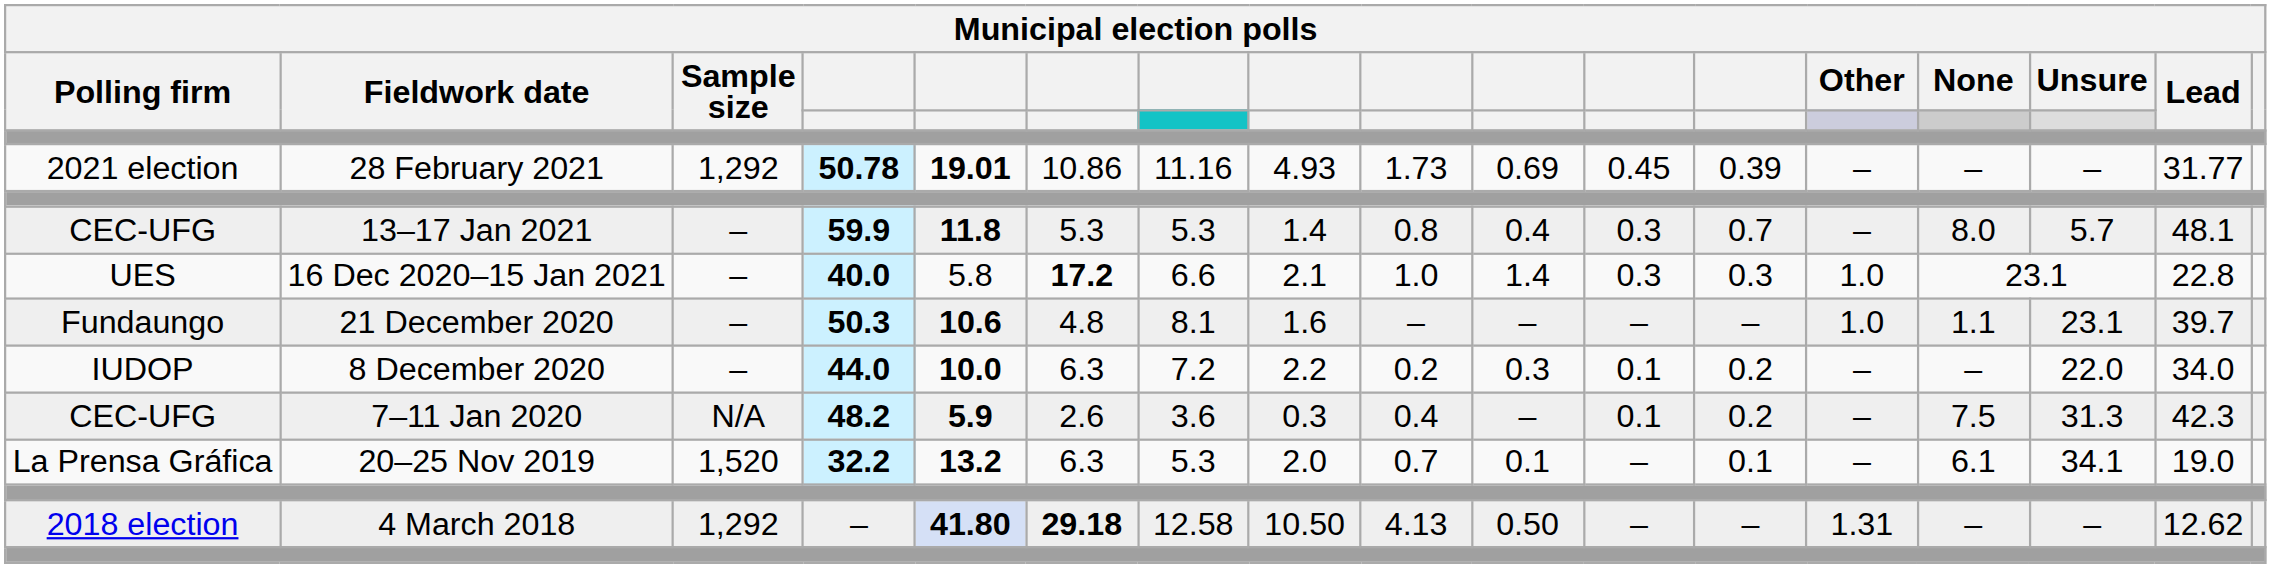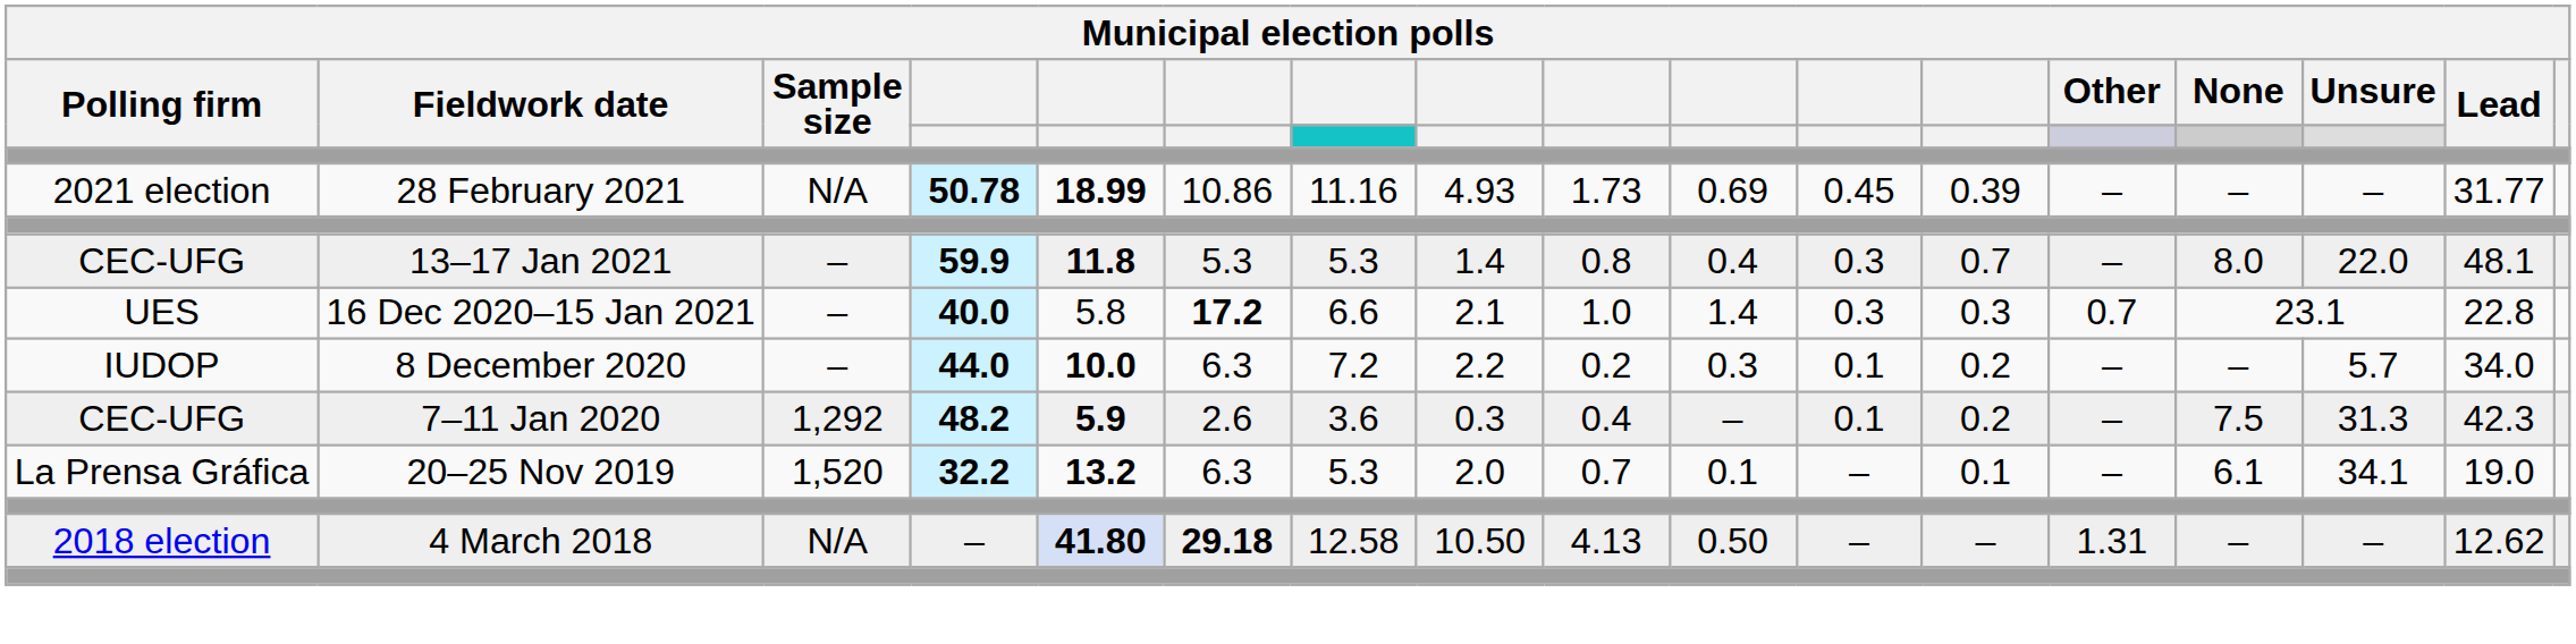 <table class="wikitable" style="text-align:center;font-size:90%;line-height:14px">
 <tr>
 <th colspan="17">Municipal election polls</th>
 </tr>
 <tr>
 <th rowspan="2">Polling firm</th>
 <th rowspan="2">Fieldwork date</th>
 <th rowspan="2">Sample<br>size</th>
 <th style="width:43px;"></th>
 <th style="width:43px;"></th>
 <th style="width:43px;"></th>
 <th style="width:43px;"></th>
 <th style="width:43px;"></th>
 <th style="width:43px;"></th>
 <th style="width:43px;"></th>
 <th style="width:43px;"></th>
 <th style="width:43px;"></th>
 <th style="width:43px;">Other</th>
 <th style="width:43px;">None</th>
 <th style="width:43px;">Unsure</th>
 <th style="width:30px;" rowspan="2">Lead</th>
 <th rowspan="2"></th>
 </tr>
 <tr>
 <th style="background:"></th>
 <th style="background:"></th>
 <th style="background:"></th>
 <th style="background:#13C3C6;"></th>
 <th style="background:"></th>
 <th style="background:"></th>
 <th style="background:"></th>
 <th style="background:"></th>
 <th style="background:"></th>
 <th style="background:#CCCDDD;"></th>
 <th style="background:#CCCCCC;"></th>
 <th style="background:#DDDDDD;"></th>
 </tr>
 <tr>
 <td colspan="17" style="background:#A0A0A0"></td>
 </tr>
 <tr>
 <td>2021 election</td>
 <td>28 February 2021</td>
-<td>1,292</td>
+<td>N/A</td>
 <td style="background:#CCF1FF;"><strong>50.78</strong><br></td>
-<td><strong>19.01</strong><br></td>
+<td><strong>18.99</strong><br></td>
 <td>10.86<br></td>
 <td>11.16<br></td>
 <td>4.93<br></td>
 <td>1.73<br></td>
 <td>0.69<br></td>
 <td>0.45<br></td>
 <td>0.39<br></td>
 <td>–</td>
 <td>–</td>
 <td>–</td>
 <td style="background:">31.77</td>
 <td></td>
 </tr>
 <tr>
 <td colspan="17" style="background:#A0A0A0"></td>
 </tr>
 <tr style="background:#EFEFEF;">
 <td>CEC-UFG</td>
 <td>13–17 Jan 2021</td>
 <td>–</td>
 <td style="background:#CCF1FF;"><strong>59.9</strong></td>
 <td><strong>11.8</strong></td>
 <td>5.3</td>
 <td>5.3</td>
 <td>1.4</td>
 <td>0.8</td>
 <td>0.4</td>
 <td>0.3</td>
 <td>0.7</td>
 <td>–</td>
 <td>8.0</td>
-<td>5.7</td>
+<td>22.0</td>
 <td style="background:">48.1</td>
 <td></td>
 </tr>
 <tr>
 <td>UES</td>
 <td>16 Dec 2020–15 Jan 2021</td>
 <td>–</td>
 <td style="background:#CCF1FF;"><strong>40.0</strong></td>
 <td>5.8</td>
 <td><strong>17.2</strong></td>
 <td>6.6</td>
 <td>2.1</td>
 <td>1.0</td>
 <td>1.4</td>
 <td>0.3</td>
 <td>0.3</td>
-<td>1.0</td>
+<td>0.7</td>
 <td colspan="2">23.1</td>
 <td style="background:">22.8</td>
-<td></td>
-</tr>
-<tr style="background:#EFEFEF;">
-<td>Fundaungo</td>
-<td>21 December 2020</td>
-<td>–</td>
-<td style="background:#CCF1FF;"><strong>50.3</strong></td>
-<td><strong>10.6</strong></td>
-<td>4.8</td>
-<td>8.1</td>
-<td>1.6</td>
-<td>–</td>
-<td>–</td>
-<td>–</td>
-<td>–</td>
-<td>1.0</td>
-<td>1.1</td>
-<td>23.1</td>
-<td style="background:">39.7</td>
 <td></td>
 </tr>
 <tr>
 <td>IUDOP</td>
 <td>8 December 2020</td>
 <td>–</td>
 <td style="background:#CCF1FF;"><strong>44.0</strong></td>
 <td><strong>10.0</strong></td>
 <td>6.3</td>
 <td>7.2</td>
 <td>2.2</td>
 <td>0.2</td>
 <td>0.3</td>
 <td>0.1</td>
 <td>0.2</td>
 <td>–</td>
 <td>–</td>
-<td>22.0</td>
+<td>5.7</td>
 <td style="background:">34.0</td>
 <td></td>
 </tr>
 <tr style="background:#EFEFEF;">
 <td>CEC-UFG</td>
 <td>7–11 Jan 2020</td>
-<td>N/A</td>
+<td>1,292</td>
 <td style="background:#CCF1FF;"><strong>48.2</strong></td>
 <td><strong>5.9</strong></td>
 <td>2.6</td>
 <td>3.6</td>
 <td>0.3</td>
 <td>0.4</td>
 <td>–</td>
 <td>0.1</td>
 <td>0.2</td>
 <td>–</td>
 <td>7.5</td>
 <td>31.3</td>
 <td style="background:">42.3</td>
 <td></td>
 </tr>
 <tr>
 <td>La Prensa Gráfica</td>
 <td>20–25 Nov 2019</td>
 <td>1,520</td>
 <td style="background:#CCF1FF;"><strong>32.2</strong></td>
 <td><strong>13.2</strong></td>
 <td>6.3</td>
 <td>5.3</td>
 <td>2.0</td>
 <td>0.7</td>
 <td>0.1</td>
 <td>–</td>
 <td>0.1</td>
 <td>–</td>
 <td>6.1</td>
 <td>34.1</td>
 <td style="background:">19.0</td>
 <td></td>
 </tr>
 <tr>
 <td colspan="17" style="background:#A0A0A0"></td>
 </tr>
 <tr style="background:#EFEFEF;">
 <td><a href='#'>2018 election</a></td>
 <td>4 March 2018</td>
-<td>1,292</td>
+<td>N/A</td>
 <td>–</td>
 <td style="background:#D5E0F6;"><strong>41.80</strong><br></td>
 <td><strong>29.18</strong><br></td>
 <td>12.58<br></td>
 <td>10.50<br></td>
 <td>4.13<br></td>
 <td>0.50<br></td>
 <td>–</td>
 <td>–</td>
 <td>1.31<br></td>
 <td>–</td>
 <td>–</td>
 <td style="background:">12.62</td>
 <td></td>
 </tr>
 <tr>
 <td colspan="17" style="background:#A0A0A0"></td>
 </tr>
 </table>
